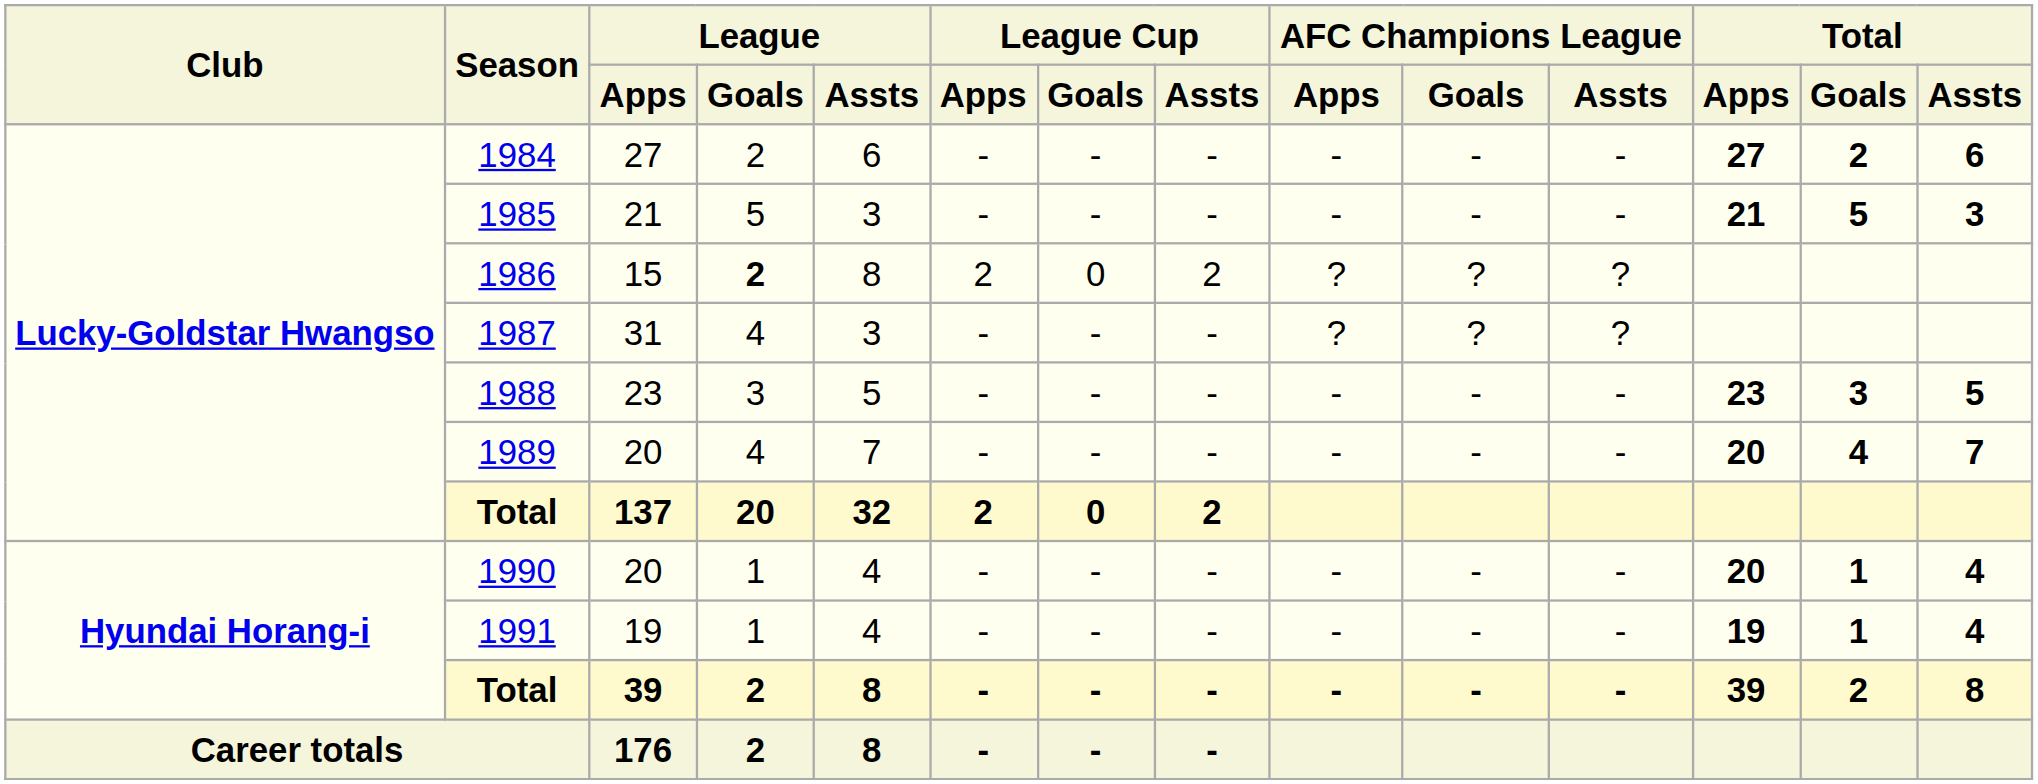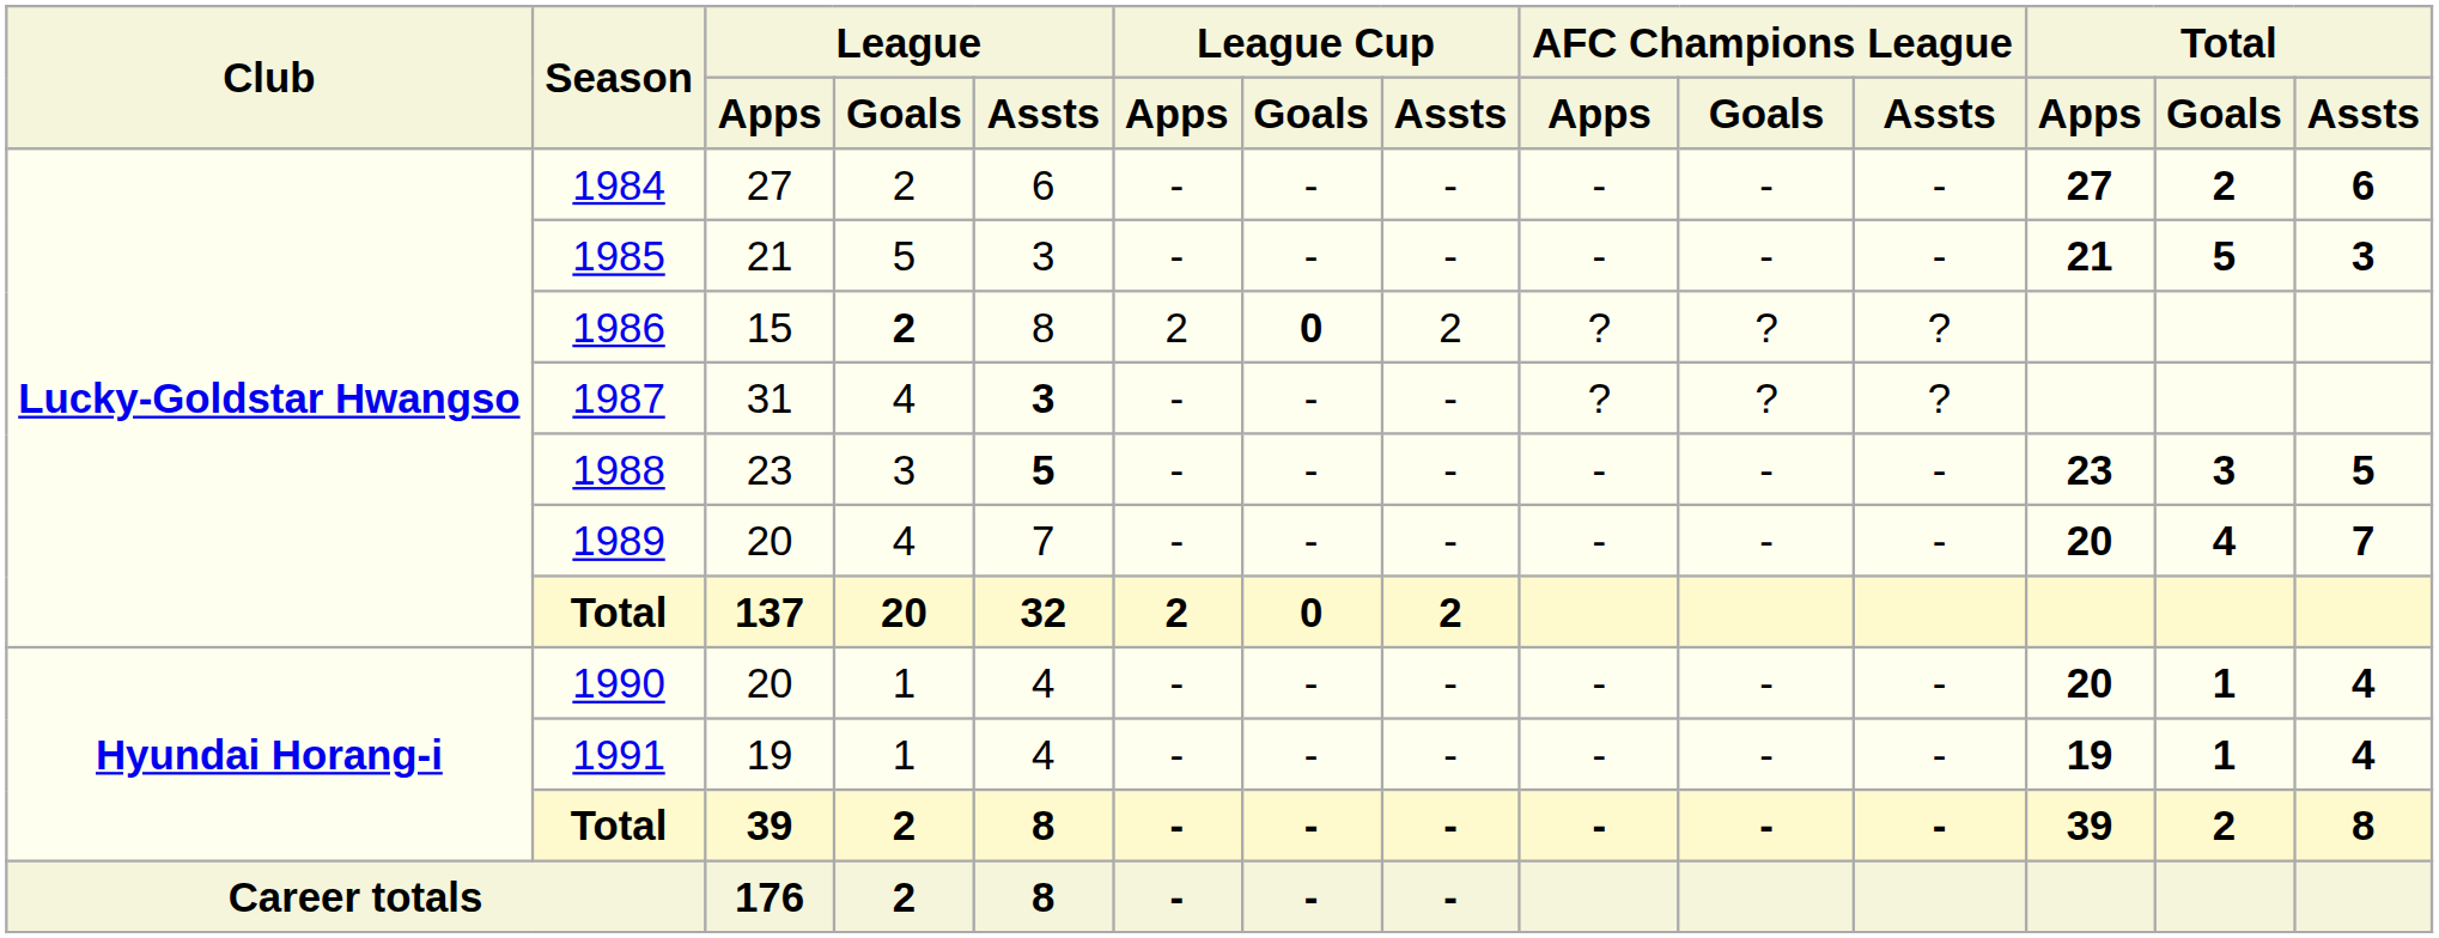 <table border=1 align=center cellpadding=4 cellspacing=2 style="background: ivory; font-size: 95%; border: 1px #aaaaaa solid; border-collapse: collapse; clear:center">
 <tr style="background:beige">
 <th rowspan="2">Club</th>
 <th rowspan="2">Season</th>
 <th colspan="3">League</th>
 <th colspan="3">League Cup</th>
 <th colspan="3">AFC Champions League</th>
 <th colspan="3">Total</th>
 </tr>
 <tr style="background:beige">
 <th>Apps</th>
 <th>Goals</th>
 <th>Assts</th>
 <th>Apps</th>
 <th>Goals</th>
 <th>Assts</th>
 <th>Apps</th>
 <th>Goals</th>
 <th>Assts</th>
 <th>Apps</th>
 <th>Goals</th>
 <th>Assts</th>
 </tr>
 <tr>
 <td rowspan="7" align=center valign=center><strong><a href='#'>Lucky-Goldstar Hwangso</a></strong></td>
 <td align="center"><a href='#'>1984</a></td>
 <td align="center">27</td>
 <td align="center">2</td>
 <td align="center">6</td>
 <td align="center">-</td>
 <td align="center">-</td>
 <td align="center">-</td>
 <td align="center">-</td>
 <td align="center">-</td>
 <td align="center">-</td>
 <th>27</th>
 <th>2</th>
 <th>6</th>
 </tr>
 <tr>
 <td align="center"><a href='#'>1985</a></td>
 <td align="center">21</td>
 <td align="center">5</td>
 <td align="center">3</td>
 <td align="center">-</td>
 <td align="center">-</td>
 <td align="center">-</td>
 <td align="center">-</td>
 <td align="center">-</td>
 <td align="center">-</td>
 <th>21</th>
 <th>5</th>
 <th>3</th>
 </tr>
 <tr>
 <td align="center"><a href='#'>1986</a></td>
 <td align="center">15</td>
 <td align="center"><strong>2</strong></td>
 <td align="center">8</td>
 <td align="center">2</td>
-<td align="center">0</td>
+<td align="center"><strong>0</strong></td>
 <td align="center">2</td>
 <td align="center">?</td>
 <td align="center">?</td>
 <td align="center">?</td>
 <th></th>
 <th></th>
 <th></th>
 </tr>
 <tr>
 <td align="center"><a href='#'>1987</a></td>
 <td align="center">31</td>
 <td align="center">4</td>
-<td align="center">3</td>
+<td align="center"><strong>3</strong></td>
 <td align="center">-</td>
 <td align="center">-</td>
 <td align="center">-</td>
 <td align="center">?</td>
 <td align="center">?</td>
 <td align="center">?</td>
 <th></th>
 <th></th>
 <th></th>
 </tr>
 <tr>
 <td align="center"><a href='#'>1988</a></td>
 <td align="center">23</td>
 <td align="center">3</td>
-<td align="center">5</td>
+<td align="center"><strong>5</strong></td>
 <td align="center">-</td>
 <td align="center">-</td>
 <td align="center">-</td>
 <td align="center">-</td>
 <td align="center">-</td>
 <td align="center">-</td>
 <th>23</th>
 <th>3</th>
 <th>5</th>
 </tr>
 <tr>
 <td align="center"><a href='#'>1989</a></td>
 <td align="center">20</td>
 <td align="center">4</td>
 <td align="center">7</td>
 <td align="center">-</td>
 <td align="center">-</td>
 <td align="center">-</td>
 <td align="center">-</td>
 <td align="center">-</td>
 <td align="center">-</td>
 <th>20</th>
 <th>4</th>
 <th>7</th>
 </tr>
 <tr style="background:lemonchiffon">
 <th>Total</th>
 <th>137</th>
 <th>20</th>
 <th>32</th>
 <th>2</th>
 <th>0</th>
 <th>2</th>
 <th></th>
 <th></th>
 <th></th>
 <th></th>
 <th></th>
 <th></th>
 </tr>
 <tr>
 <td rowspan="3" align=center valign=center><strong><a href='#'>Hyundai Horang-i</a></strong></td>
 <td align="center"><a href='#'>1990</a></td>
 <td align="center">20</td>
 <td align="center">1</td>
 <td align="center">4</td>
 <td align="center">-</td>
 <td align="center">-</td>
 <td align="center">-</td>
 <td align="center">-</td>
 <td align="center">-</td>
 <td align="center">-</td>
 <th>20</th>
 <th>1</th>
 <th>4</th>
 </tr>
 <tr>
 <td align="center"><a href='#'>1991</a></td>
 <td align="center">19</td>
 <td align="center">1</td>
 <td align="center">4</td>
 <td align="center">-</td>
 <td align="center">-</td>
 <td align="center">-</td>
 <td align="center">-</td>
 <td align="center">-</td>
 <td align="center">-</td>
 <th>19</th>
 <th>1</th>
 <th>4</th>
 </tr>
 <tr style="background:lemonchiffon">
 <th>Total</th>
 <th>39</th>
 <th>2</th>
 <th>8</th>
 <th>-</th>
 <th>-</th>
 <th>-</th>
 <th>-</th>
 <th>-</th>
 <th>-</th>
 <th>39</th>
 <th>2</th>
 <th>8</th>
 </tr>
 <tr style="background:beige">
 <th colspan="2">Career totals</th>
 <th>176</th>
 <th>2</th>
 <th>8</th>
 <th>-</th>
 <th>-</th>
 <th>-</th>
 <th></th>
 <th></th>
 <th></th>
 <th></th>
 <th></th>
 <th></th>
 </tr>
 </table>
